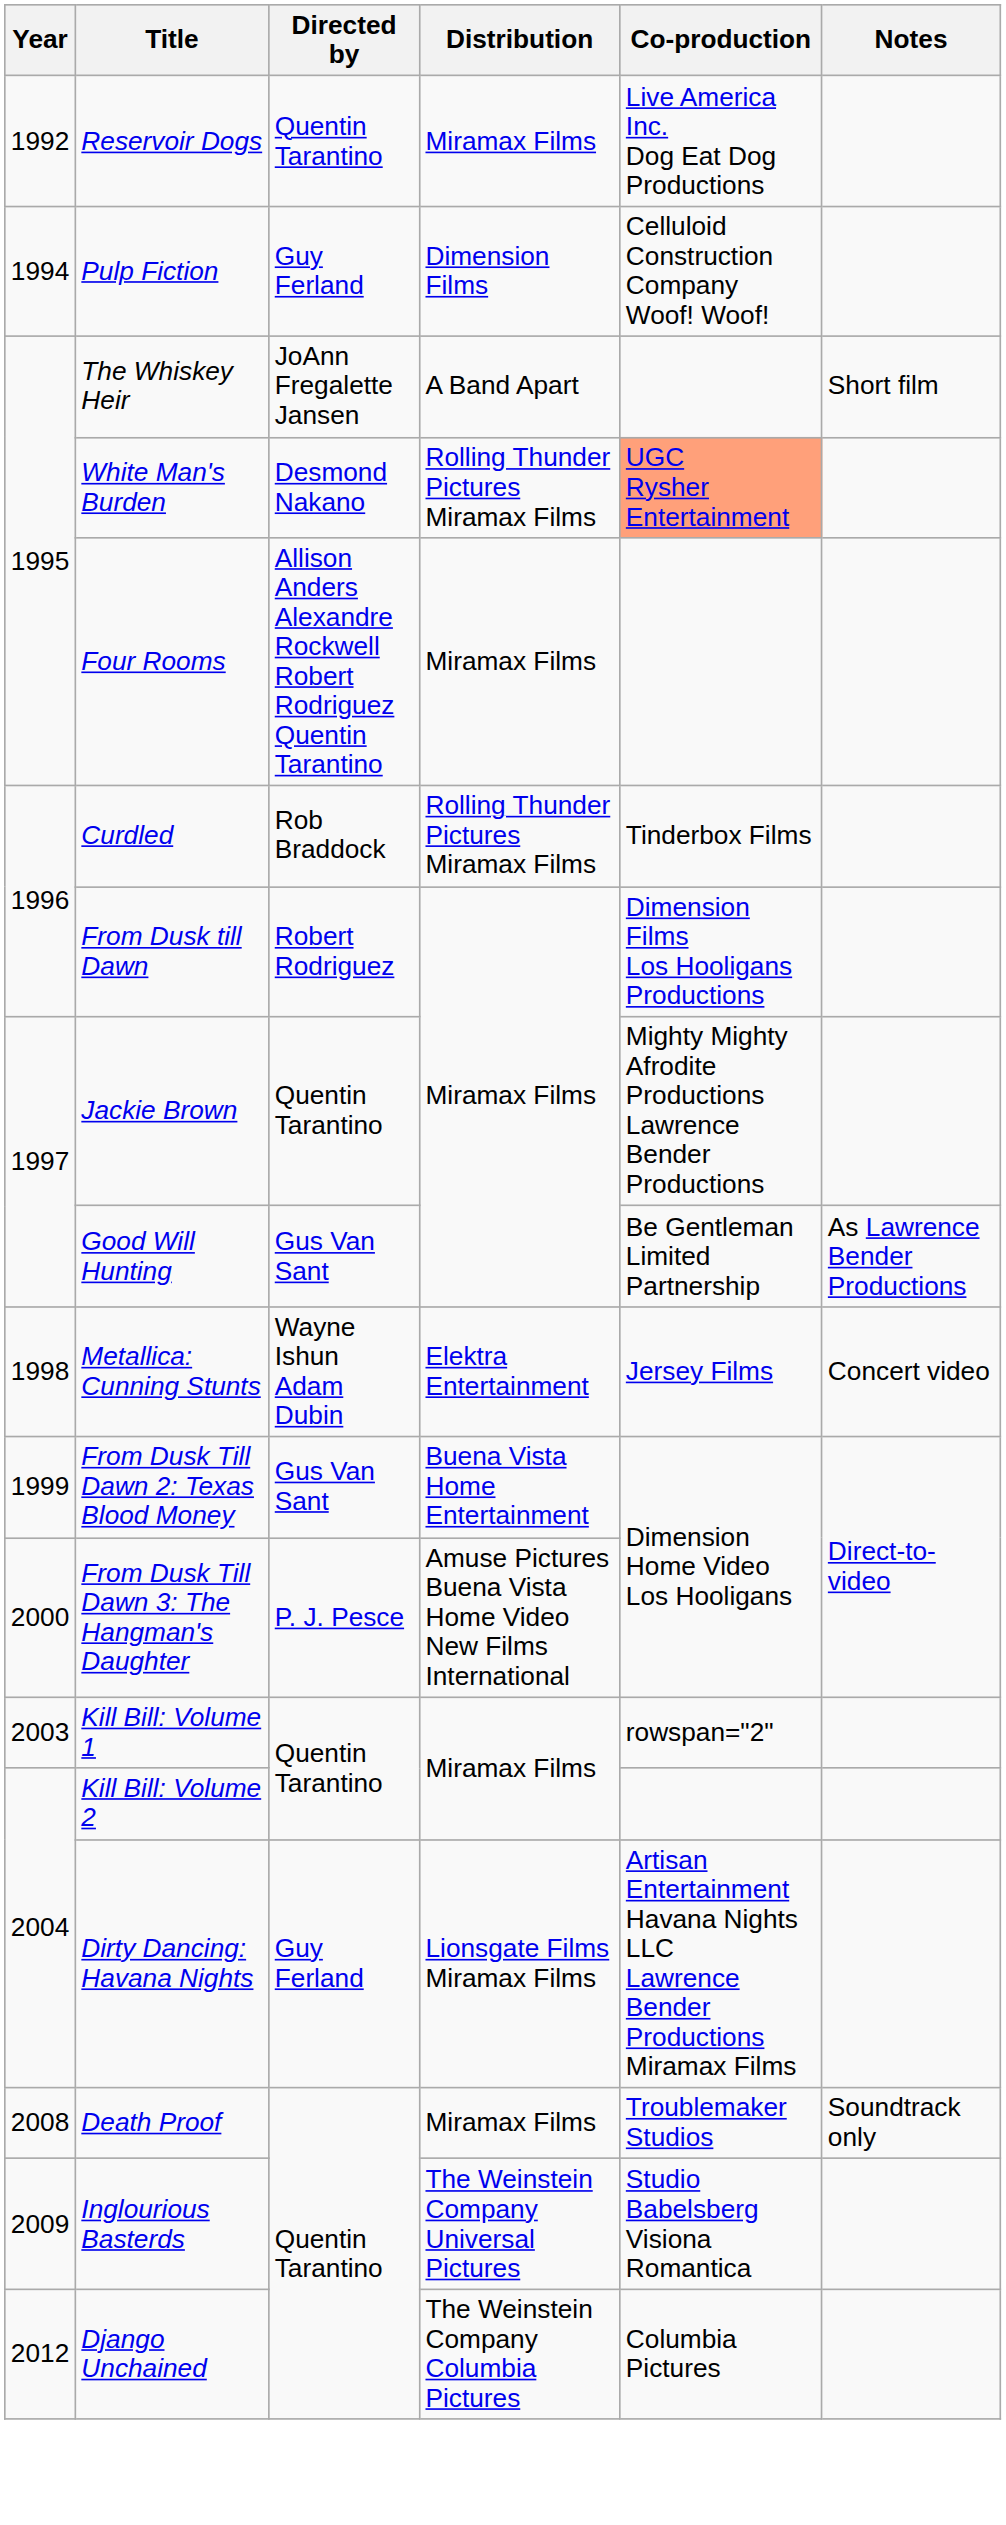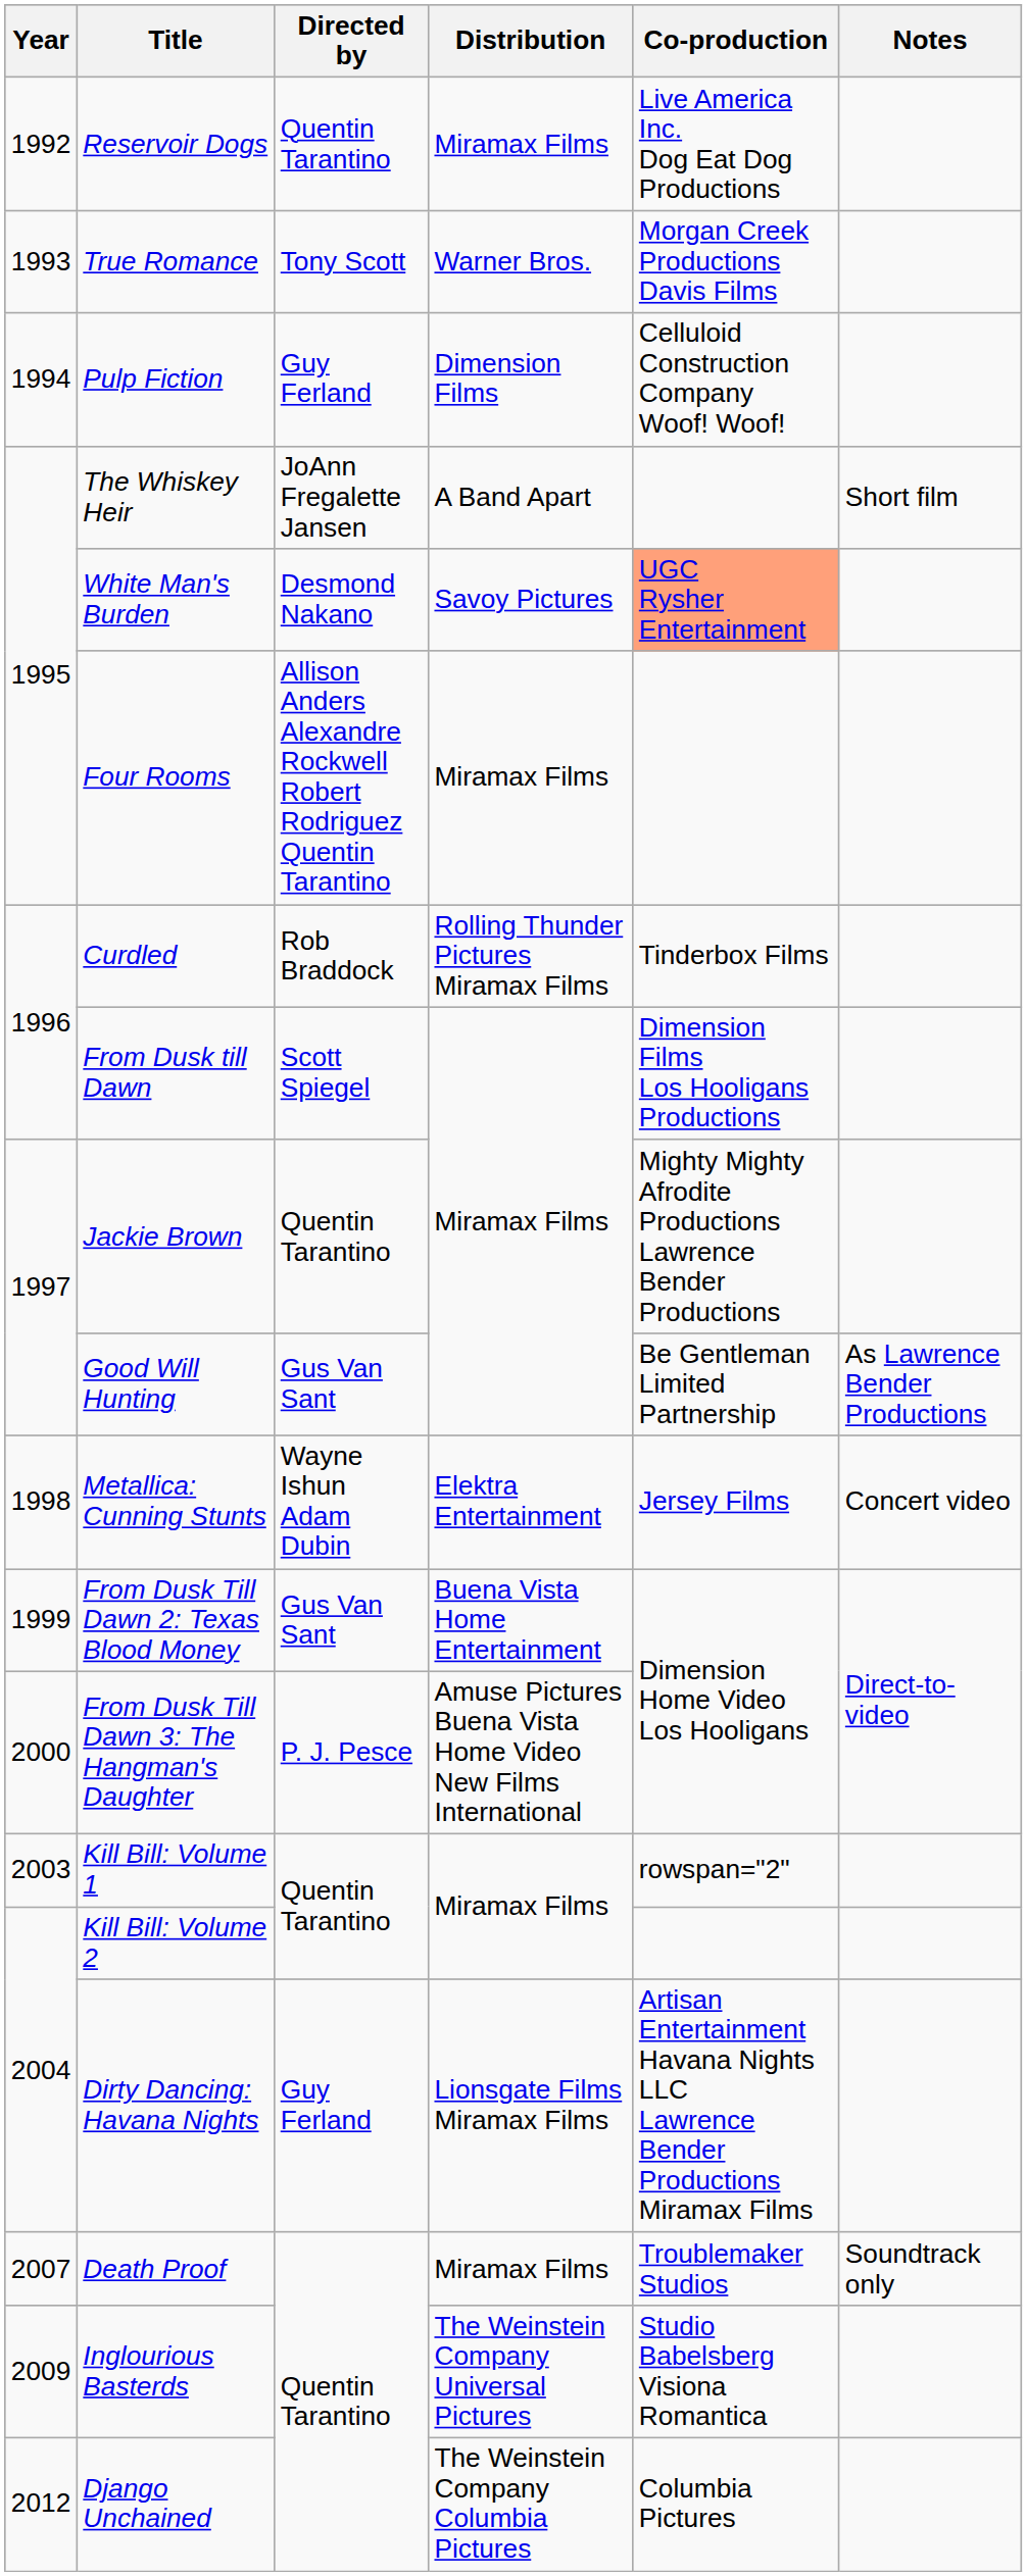 <table class="wikitable sortable">
 <tr>
 <th>Year</th>
 <th>Title</th>
 <th>Directed by</th>
 <th>Distribution</th>
 <th>Co-production</th>
 <th>Notes</th>
 </tr>
 <tr>
 <td>1992</td>
 <td><em><a href='#'>Reservoir Dogs</a></em></td>
 <td><a href='#'>Quentin Tarantino</a></td>
 <td><a href='#'>Miramax Films</a></td>
 <td><a href='#'>Live America Inc.</a><br>Dog Eat Dog Productions</td>
+<td></td>
+</tr>
+<tr>
+<td>1993</td>
+<td><em><a href='#'>True Romance</a></em></td>
+<td><a href='#'>Tony Scott</a></td>
+<td><a href='#'>Warner Bros.</a></td>
+<td><a href='#'>Morgan Creek Productions</a><br><a href='#'>Davis Films</a></td>
 <td></td>
 </tr>
 <tr>
 <td>1994</td>
 <td><em><a href='#'>Pulp Fiction</a></em></td>
 <td><a href='#'>Guy Ferland</a></td>
 <td><a href='#'>Dimension Films</a></td>
 <td>Celluloid Construction Company<br>Woof! Woof!</td>
 <td></td>
 </tr>
 <tr>
 <td rowspan="3">1995</td>
 <td><em>The Whiskey Heir</em></td>
 <td>JoAnn Fregalette Jansen</td>
 <td>A Band Apart</td>
 <td></td>
 <td>Short film</td>
 </tr>
 <tr>
 <td><em><a href='#'>White Man's Burden</a></em></td>
 <td><a href='#'>Desmond Nakano</a></td>
-<td><a href='#'>Rolling Thunder Pictures</a><br>Miramax Films</td>
+<td><a href='#'>Savoy Pictures</a></td>
 <td style="background: lightsalmon;"><a href='#'>UGC</a><br><a href='#'>Rysher Entertainment</a></td>
 <td></td>
 </tr>
 <tr>
 <td><em><a href='#'>Four Rooms</a></em></td>
 <td><a href='#'>Allison Anders</a><br><a href='#'>Alexandre Rockwell</a><br><a href='#'>Robert Rodriguez</a><br><a href='#'>Quentin Tarantino</a></td>
 <td>Miramax Films</td>
 <td></td>
 <td></td>
 </tr>
 <tr>
 <td rowspan="2">1996</td>
 <td><em><a href='#'>Curdled</a></em></td>
 <td>Rob Braddock</td>
 <td><a href='#'>Rolling Thunder Pictures</a><br>Miramax Films</td>
 <td>Tinderbox Films</td>
 <td></td>
 </tr>
 <tr>
 <td><em><a href='#'>From Dusk till Dawn</a></em></td>
-<td><a href='#'>Robert Rodriguez</a></td>
+<td><a href='#'>Scott Spiegel</a></td>
 <td rowspan="3">Miramax Films</td>
 <td><a href='#'>Dimension Films</a><br><a href='#'>Los Hooligans Productions</a></td>
 <td></td>
 </tr>
 <tr>
 <td rowspan="2">1997</td>
 <td><em><a href='#'>Jackie Brown</a></em></td>
 <td>Quentin Tarantino</td>
 <td>Mighty Mighty Afrodite Productions<br>Lawrence Bender Productions</td>
 <td></td>
 </tr>
 <tr>
 <td><em><a href='#'>Good Will Hunting</a></em></td>
 <td><a href='#'>Gus Van Sant</a></td>
 <td>Be Gentleman Limited Partnership</td>
 <td>As <a href='#'>Lawrence Bender Productions</a></td>
 </tr>
 <tr>
 <td>1998</td>
 <td><em><a href='#'>Metallica: Cunning Stunts</a></em></td>
 <td>Wayne Ishun<br><a href='#'>Adam Dubin</a></td>
 <td><a href='#'>Elektra Entertainment</a></td>
 <td><a href='#'>Jersey Films</a></td>
 <td>Concert video</td>
 </tr>
 <tr>
 <td>1999</td>
 <td><em><a href='#'>From Dusk Till Dawn 2: Texas Blood Money</a></em></td>
 <td><a href='#'>Gus Van Sant</a></td>
 <td><a href='#'>Buena Vista Home Entertainment</a></td>
 <td rowspan="2">Dimension Home Video<br>Los Hooligans</td>
 <td rowspan="2"><a href='#'>Direct-to-video</a></td>
 </tr>
 <tr>
 <td>2000</td>
 <td><em><a href='#'>From Dusk Till Dawn 3: The Hangman's Daughter</a></em></td>
 <td><a href='#'>P. J. Pesce</a></td>
 <td>Amuse Pictures<br>Buena Vista Home Video<br>New Films International</td>
 </tr>
 <tr>
 <td>2003</td>
 <td><em><a href='#'>Kill Bill: Volume 1</a></em></td>
 <td rowspan="2">Quentin Tarantino</td>
 <td rowspan="2">Miramax Films</td>
 <td>rowspan="2" </td>
 <td></td>
 </tr>
 <tr>
 <td rowspan="2">2004</td>
 <td><em><a href='#'>Kill Bill: Volume 2</a></em></td>
 <td></td>
 </tr>
 <tr>
 <td><em><a href='#'>Dirty Dancing: Havana Nights</a></em></td>
 <td><a href='#'>Guy Ferland</a></td>
 <td><a href='#'>Lionsgate Films</a><br>Miramax Films</td>
 <td><a href='#'>Artisan Entertainment</a><br>Havana Nights LLC<br><a href='#'>Lawrence Bender Productions</a><br>Miramax Films</td>
 <td></td>
 </tr>
 <tr>
-<td>2008</td>
+<td>2007</td>
 <td><em><a href='#'>Death Proof</a></em></td>
 <td rowspan="3">Quentin Tarantino</td>
 <td>Miramax Films</td>
 <td><a href='#'>Troublemaker Studios</a></td>
 <td>Soundtrack only</td>
 </tr>
 <tr>
 <td>2009</td>
 <td><em><a href='#'>Inglourious Basterds</a></em></td>
 <td><a href='#'>The Weinstein Company</a><br><a href='#'>Universal Pictures</a></td>
 <td><a href='#'>Studio Babelsberg</a><br>Visiona Romantica</td>
 <td></td>
 </tr>
 <tr>
 <td>2012</td>
 <td><em><a href='#'>Django Unchained</a></em></td>
 <td>The Weinstein Company<br><a href='#'>Columbia Pictures</a></td>
 <td>Columbia Pictures</td>
 <td></td>
 </tr>
 </table>
